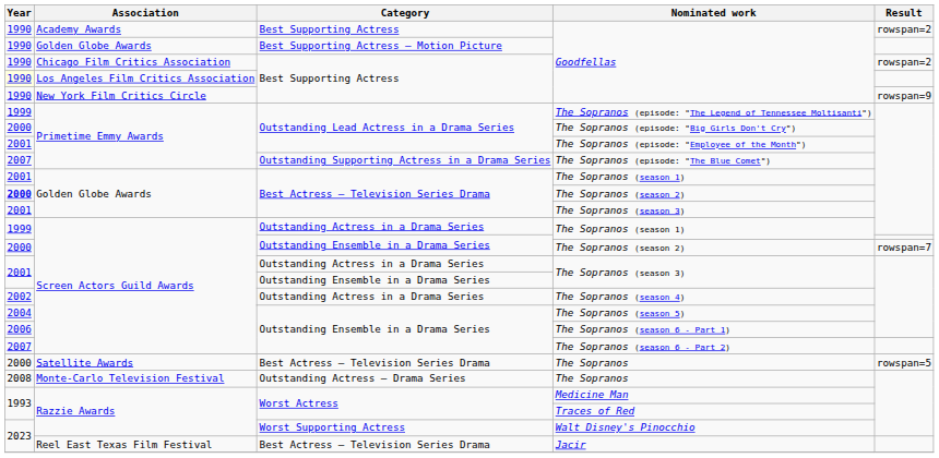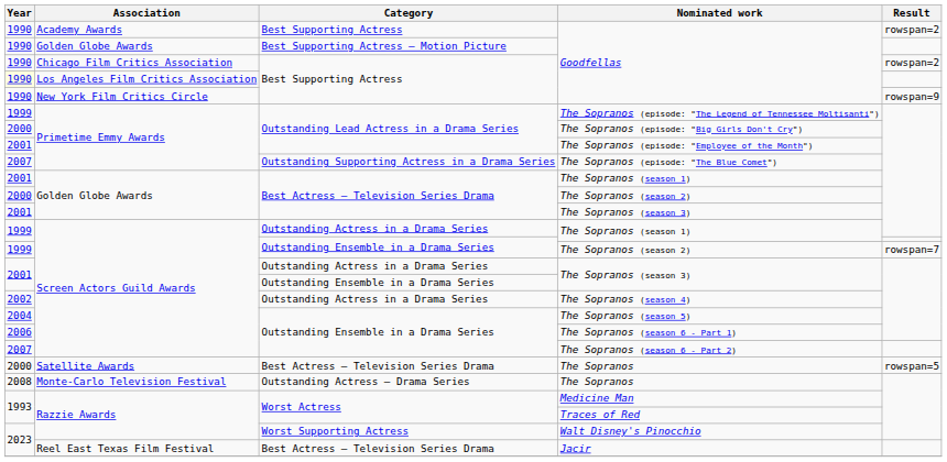 <table class="wikitable sortable">
 <tr>
 <th>Year</th>
 <th>Association</th>
 <th>Category</th>
 <th>Nominated work</th>
 <th>Result</th>
 </tr>
 <tr>
 <td><a href='#'>1990</a></td>
 <td><a href='#'>Academy Awards</a></td>
 <td><a href='#'>Best Supporting Actress</a></td>
 <td rowspan=5><em><a href='#'>Goodfellas</a></em></td>
 <td>rowspan=2 </td>
 </tr>
 <tr>
 <td><a href='#'>1990</a></td>
 <td><a href='#'>Golden Globe Awards</a></td>
 <td><a href='#'>Best Supporting Actress – Motion Picture</a></td>
 </tr>
 <tr>
 <td><a href='#'>1990</a></td>
 <td><a href='#'>Chicago Film Critics Association</a></td>
 <td rowspan=3>Best Supporting Actress</td>
 <td>rowspan=2 </td>
 </tr>
 <tr>
 <td style="background: lightyellow;"><a href='#'>1990</a></td>
 <td><a href='#'>Los Angeles Film Critics Association</a></td>
 </tr>
 <tr>
 <td><a href='#'>1990</a></td>
 <td><a href='#'>New York Film Critics Circle</a></td>
 <td>rowspan=9 </td>
 </tr>
 <tr>
 <td><a href='#'>1999</a></td>
 <td rowspan=4><a href='#'>Primetime Emmy Awards</a></td>
 <td rowspan=3><a href='#'>Outstanding Lead Actress in a Drama Series</a></td>
 <td><em><a href='#'>The Sopranos</a></em> <small> (episode: "<a href='#'>The Legend of Tennessee Moltisanti</a>") </small></td>
 </tr>
 <tr>
 <td><a href='#'>2000</a></td>
 <td><em>The Sopranos</em> <small> (episode: "<a href='#'>Big Girls Don't Cry</a>") </small></td>
 </tr>
 <tr>
 <td><a href='#'>2001</a></td>
 <td><em>The Sopranos</em> <small> (episode: "<a href='#'>Employee of the Month</a>") </small></td>
 </tr>
 <tr>
 <td><a href='#'>2007</a></td>
 <td><a href='#'>Outstanding Supporting Actress in a Drama Series</a></td>
 <td><em>The Sopranos</em> <small> (episode: "<a href='#'>The Blue Comet</a>") </small></td>
 </tr>
 <tr>
 <td><a href='#'>2001</a></td>
 <td rowspan=3>Golden Globe Awards</td>
 <td rowspan=3><a href='#'>Best Actress – Television Series Drama</a></td>
 <td><em>The Sopranos</em> <small> (<a href='#'>season 1</a>) </small></td>
 </tr>
 <tr>
-<td><strong><a href='#'>2000</a></strong></td>
+<td><a href='#'>2000</a></td>
 <td><em>The Sopranos</em> <small> (<a href='#'>season 2</a>) </small></td>
 </tr>
 <tr>
 <td><a href='#'>2001</a></td>
 <td><em>The Sopranos</em> <small> (<a href='#'>season 3</a>) </small></td>
 </tr>
 <tr>
 <td rowspan=2><a href='#'>1999</a></td>
 <td rowspan=10><a href='#'>Screen Actors Guild Awards</a></td>
 <td><a href='#'>Outstanding Actress in a Drama Series</a></td>
 <td rowspan=2><em>The Sopranos</em> <small> (season 1) </small></td>
 </tr>
 <tr>
 <td rowspan=2><a href='#'>Outstanding Ensemble in a Drama Series</a></td>
 <td></td>
 </tr>
 <tr>
-<td><a href='#'>2000</a></td>
+<td><a href='#'>1999</a></td>
 <td><em>The Sopranos</em> <small> (season 2) </small></td>
 <td>rowspan=7 </td>
 </tr>
 <tr>
 <td rowspan=2><a href='#'>2001</a></td>
 <td>Outstanding Actress in a Drama Series</td>
 <td rowspan=2><em>The Sopranos</em> <small> (season 3) </small></td>
 </tr>
 <tr>
 <td>Outstanding Ensemble in a Drama Series</td>
 </tr>
 <tr>
 <td rowspan=2><a href='#'>2002</a></td>
 <td>Outstanding Actress in a Drama Series</td>
 <td rowspan=2><em>The Sopranos</em> <small> (<a href='#'>season 4</a>) </small></td>
 </tr>
 <tr>
 <td rowspan=4>Outstanding Ensemble in a Drama Series</td>
 </tr>
 <tr>
 <td><a href='#'>2004</a></td>
 <td><em>The Sopranos</em> <small> (<a href='#'>season 5</a>) </small></td>
 </tr>
 <tr>
 <td><a href='#'>2006</a></td>
 <td><em>The Sopranos</em> <small> (<a href='#'>season 6 - Part 1</a>) </small></td>
 </tr>
 <tr>
 <td><a href='#'>2007</a></td>
 <td><em>The Sopranos</em> <small> (<a href='#'>season 6 - Part 2</a>) </small></td>
 <td></td>
 </tr>
 <tr>
 <td>2000</td>
 <td><a href='#'>Satellite Awards</a></td>
 <td>Best Actress – Television Series Drama</td>
 <td><em>The Sopranos</em></td>
 <td>rowspan=5 </td>
 </tr>
 <tr>
 <td>2008</td>
 <td><a href='#'>Monte-Carlo Television Festival</a></td>
 <td>Outstanding Actress – Drama Series</td>
 <td><em>The Sopranos</em></td>
 </tr>
 <tr>
 <td rowspan=2>1993</td>
 <td rowspan=3><a href='#'>Razzie Awards</a></td>
 <td rowspan=2><a href='#'>Worst Actress</a></td>
 <td><em><a href='#'>Medicine Man</a></em></td>
 </tr>
 <tr>
 <td><em><a href='#'>Traces of Red</a></em></td>
 </tr>
 <tr>
 <td rowspan=2>2023</td>
 <td><a href='#'>Worst Supporting Actress</a></td>
 <td><em><a href='#'>Walt Disney's Pinocchio</a></em></td>
 </tr>
 <tr>
 <td>Reel East Texas Film Festival</td>
 <td>Best Actress – Television Series Drama</td>
 <td><em><a href='#'>Jacir</a></em></td>
 <td></td>
 </tr>
 <tr>
 </tr>
 </table>
